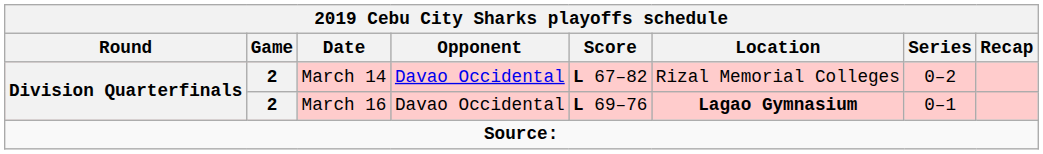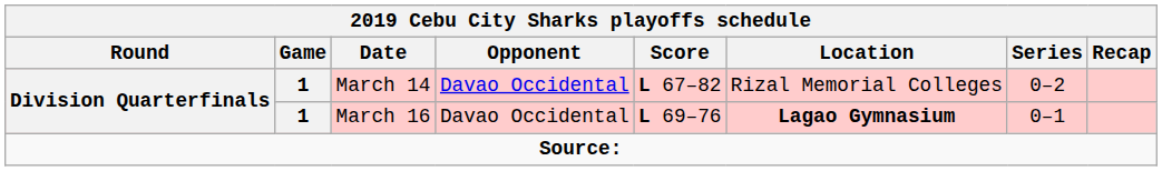 <table class="wikitable" style="text-align:center">
 <tr>
 <th colspan=8>2019 Cebu City Sharks playoffs schedule</th>
 </tr>
 <tr>
 <th>Round</th>
 <th>Game</th>
 <th>Date</th>
 <th>Opponent</th>
 <th>Score</th>
 <th>Location</th>
 <th>Series</th>
 <th>Recap<br></th>
 </tr>
 <tr style="background:#fcc">
 <th rowspan=2>Division Quarterfinals</th>
-<th>2</th>
+<th>1</th>
 <td>March 14</td>
 <td><a href='#'>Davao Occidental</a></td>
 <td><strong>L</strong> 67–82</td>
 <td>Rizal Memorial Colleges</td>
 <td>0–2</td>
 <td></td>
 </tr>
 <tr style="background:#fcc">
-<th>2</th>
+<th>1</th>
 <td>March 16</td>
 <td>Davao Occidental</td>
 <td><strong>L</strong> 69–76</td>
 <td><strong>Lagao Gymnasium</strong></td>
 <td>0–1</td>
 <td></td>
 </tr>
 <tr>
 <td colspan=8 align=center><strong>Source: </strong></td>
 </tr>
 </table>
